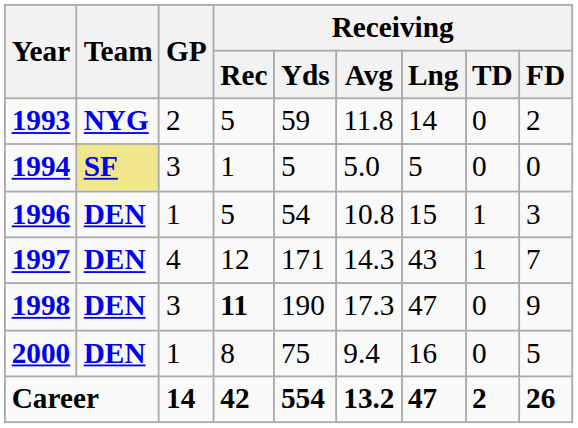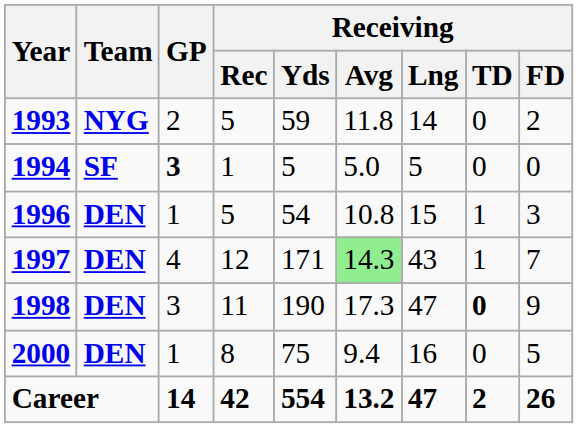 <table class="wikitable">
 <tr>
 <th rowspan="2">Year</th>
 <th rowspan="2">Team</th>
 <th rowspan="2">GP</th>
 <th colspan="6">Receiving</th>
 </tr>
 <tr>
 <th>Rec</th>
 <th>Yds</th>
 <th>Avg</th>
 <th>Lng</th>
 <th>TD</th>
 <th>FD</th>
 </tr>
 <tr>
 <td><a href='#'><strong>1993</strong></a></td>
 <td><a href='#'><strong>NYG</strong></a></td>
 <td>2</td>
 <td>5</td>
 <td>59</td>
 <td>11.8</td>
 <td>14</td>
 <td>0</td>
 <td>2</td>
 </tr>
 <tr>
 <td><a href='#'><strong>1994</strong></a></td>
-<td style="background: khaki;"><a href='#'><strong>SF</strong></a></td>
-<td>3</td>
+<td><a href='#'><strong>SF</strong></a></td>
+<td><strong>3</strong></td>
 <td>1</td>
 <td>5</td>
 <td>5.0</td>
 <td>5</td>
 <td>0</td>
 <td>0</td>
 </tr>
 <tr>
 <td><a href='#'><strong>1996</strong></a></td>
 <td><a href='#'><strong>DEN</strong></a></td>
 <td>1</td>
 <td>5</td>
 <td>54</td>
 <td>10.8</td>
 <td>15</td>
 <td>1</td>
 <td>3</td>
 </tr>
 <tr>
 <td><a href='#'><strong>1997</strong></a></td>
 <td><a href='#'><strong>DEN</strong></a></td>
 <td>4</td>
 <td>12</td>
 <td>171</td>
-<td>14.3</td>
+<td style="background: lightgreen;">14.3</td>
 <td>43</td>
 <td>1</td>
 <td>7</td>
 </tr>
 <tr>
 <td><a href='#'><strong>1998</strong></a></td>
 <td><a href='#'><strong>DEN</strong></a></td>
 <td>3</td>
-<td><strong>11</strong></td>
+<td>11</td>
 <td>190</td>
 <td>17.3</td>
 <td>47</td>
-<td>0</td>
+<td><strong>0</strong></td>
 <td>9</td>
 </tr>
 <tr>
 <td><a href='#'><strong>2000</strong></a></td>
 <td><a href='#'><strong>DEN</strong></a></td>
 <td>1</td>
 <td>8</td>
 <td>75</td>
 <td>9.4</td>
 <td>16</td>
 <td>0</td>
 <td>5</td>
 </tr>
 <tr>
 <td colspan="2"><strong>Career</strong></td>
 <td><strong>14</strong></td>
 <td><strong>42</strong></td>
 <td><strong>554</strong></td>
 <td><strong>13.2</strong></td>
 <td><strong>47</strong></td>
 <td><strong>2</strong></td>
 <td><strong>26</strong></td>
 </tr>
 </table>
